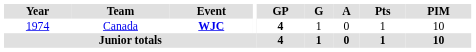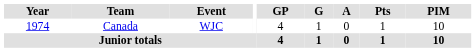 <table border="0" cellpadding="1" cellspacing="0" ID="Table3" style="text-align:center; width:40em">
 <tr bgcolor="#e0e0e0">
 <th>Year</th>
 <th>Team</th>
 <th>Event</th>
 <th rowspan="102" bgcolor="#ffffff"></th>
 <th>GP</th>
 <th>G</th>
 <th>A</th>
 <th>Pts</th>
 <th>PIM</th>
 </tr>
 <tr>
 <td><a href='#'>1974</a></td>
 <td><a href='#'>Canada</a></td>
-<td><strong><a href='#'>WJC</a></strong></td>
-<td><strong>4</strong></td>
+<td><a href='#'>WJC</a></td>
+<td>4</td>
 <td>1</td>
 <td>0</td>
 <td>1</td>
 <td>10</td>
 </tr>
 <tr bgcolor="#e0e0e0">
 <th colspan="4">Junior totals</th>
 <th>4</th>
 <th>1</th>
 <th>0</th>
 <th>1</th>
 <th>10</th>
 </tr>
 </table>
